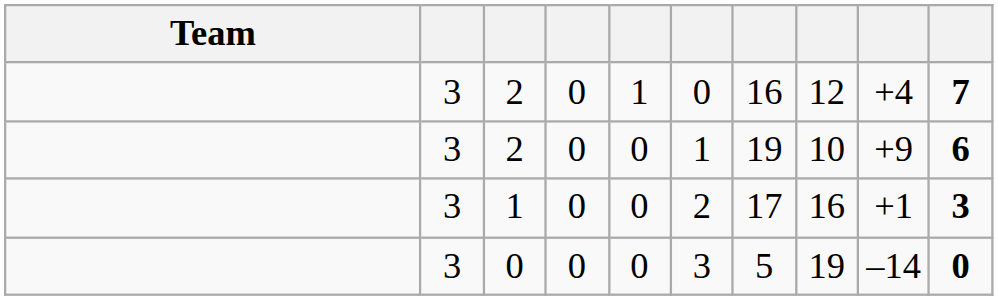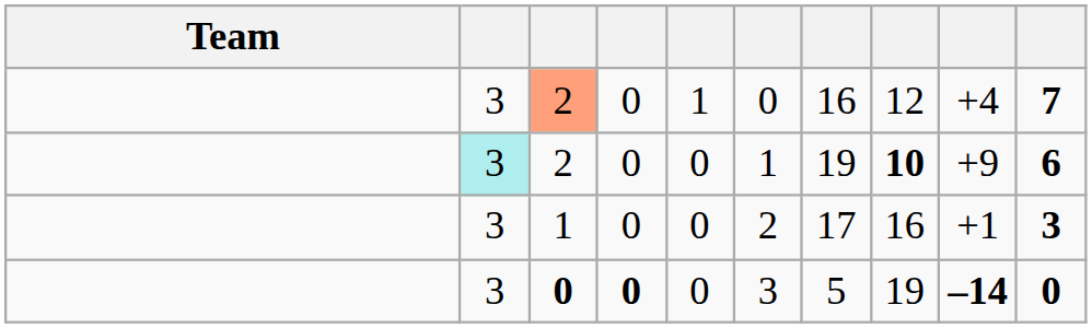 <table class="wikitable" style="text-align: center;">
 <tr>
 <th style="width:175px;">Team</th>
 <th width="20"></th>
 <th width="20"></th>
 <th width="20"></th>
 <th width="20"></th>
 <th width="20"></th>
 <th width="20"></th>
 <th width="20"></th>
 <th></th>
 <th width="20"></th>
 </tr>
 <tr>
 <td align=left></td>
 <td>3</td>
-<td>2</td>
+<td style="background: lightsalmon;">2</td>
 <td>0</td>
 <td>1</td>
 <td>0</td>
 <td>16</td>
 <td>12</td>
 <td>+4</td>
 <td><strong>7</strong></td>
 </tr>
 <tr>
 <td align=left></td>
-<td>3</td>
+<td style="background: paleturquoise;">3</td>
 <td>2</td>
 <td>0</td>
 <td>0</td>
 <td>1</td>
 <td>19</td>
-<td>10</td>
+<td><strong>10</strong></td>
 <td>+9</td>
 <td><strong>6</strong></td>
 </tr>
 <tr>
 <td align=left></td>
 <td>3</td>
 <td>1</td>
 <td>0</td>
 <td>0</td>
 <td>2</td>
 <td>17</td>
 <td>16</td>
 <td>+1</td>
 <td><strong>3</strong></td>
 </tr>
 <tr>
 <td align=left></td>
 <td>3</td>
-<td>0</td>
-<td>0</td>
+<td><strong>0</strong></td>
+<td><strong>0</strong></td>
 <td>0</td>
 <td>3</td>
 <td>5</td>
 <td>19</td>
-<td>–14</td>
+<td><strong>–14</strong></td>
 <td><strong>0</strong></td>
 </tr>
 </table>
